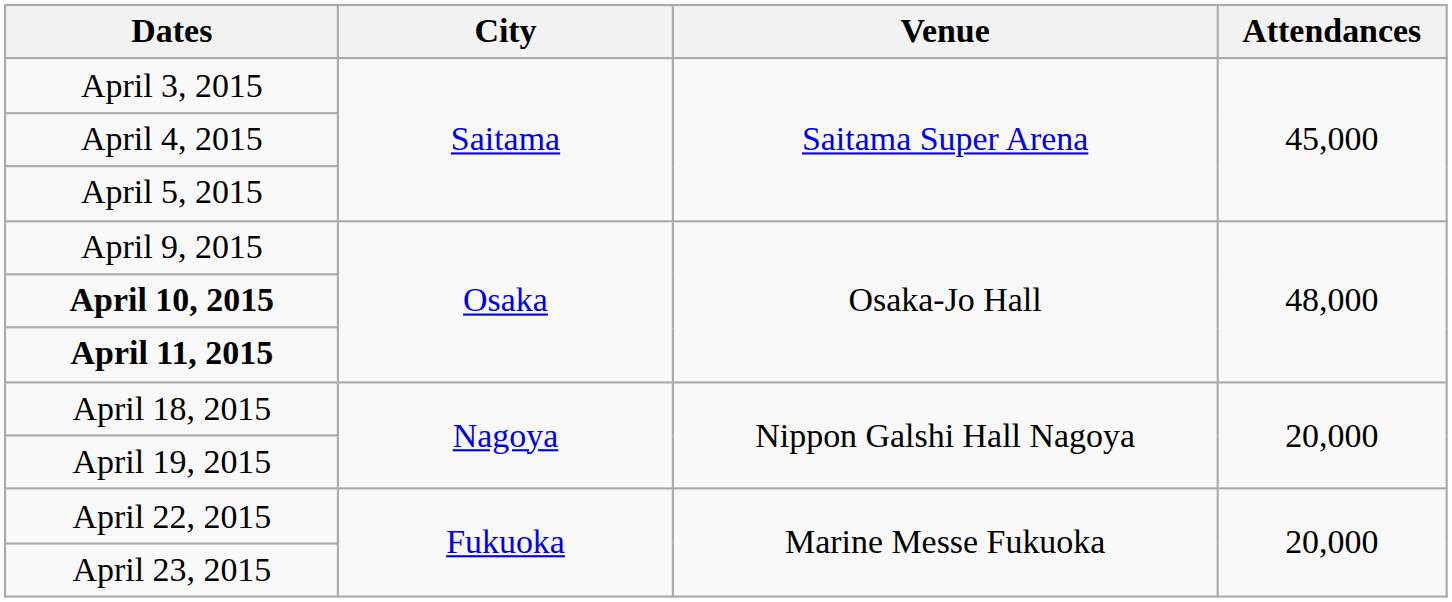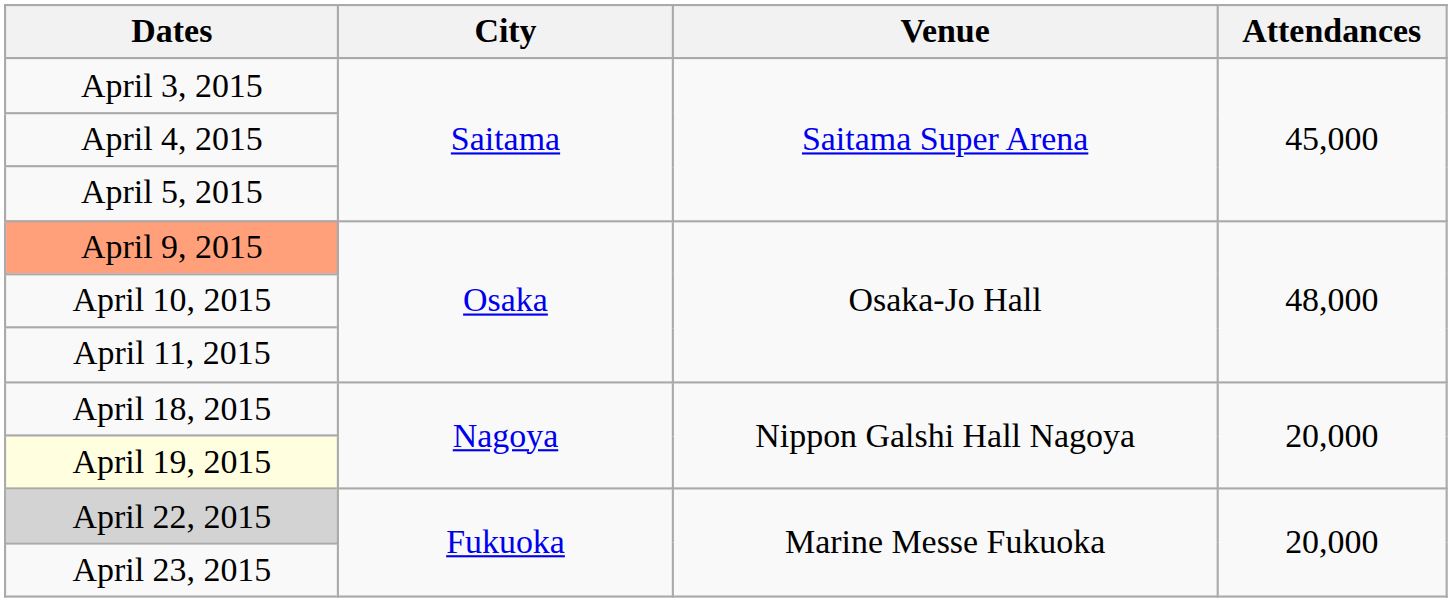 <table class="wikitable" style="text-align:center;">
 <tr>
 <th width="150">Dates</th>
 <th width="150">City</th>
 <th width="250">Venue</th>
 <th width="100">Attendances</th>
 </tr>
 <tr>
 <td>April 3, 2015</td>
 <td rowspan="3"><a href='#'>Saitama</a></td>
 <td rowspan="3"><a href='#'>Saitama Super Arena</a></td>
 <td rowspan="3">45,000</td>
 </tr>
 <tr>
 <td>April 4, 2015</td>
 </tr>
 <tr>
 <td>April 5, 2015</td>
 </tr>
 <tr>
-<td>April 9, 2015</td>
+<td style="background: lightsalmon;">April 9, 2015</td>
 <td rowspan="3"><a href='#'>Osaka</a></td>
 <td rowspan="3">Osaka-Jo Hall</td>
 <td rowspan="3">48,000</td>
 </tr>
 <tr>
-<td><strong>April 10, 2015</strong></td>
+<td>April 10, 2015</td>
 </tr>
 <tr>
-<td><strong>April 11, 2015</strong></td>
+<td>April 11, 2015</td>
 </tr>
 <tr>
 <td>April 18, 2015</td>
 <td rowspan="2"><a href='#'>Nagoya</a></td>
 <td rowspan="2">Nippon Galshi Hall Nagoya</td>
 <td rowspan="2">20,000</td>
 </tr>
 <tr>
-<td>April 19, 2015</td>
+<td style="background: lightyellow;">April 19, 2015</td>
 </tr>
 <tr>
-<td>April 22, 2015</td>
+<td style="background: lightgrey;">April 22, 2015</td>
 <td rowspan="2"><a href='#'>Fukuoka</a></td>
 <td rowspan="2">Marine Messe Fukuoka </td>
 <td rowspan="2">20,000</td>
 </tr>
 <tr>
 <td>April 23, 2015</td>
 </tr>
 </table>
